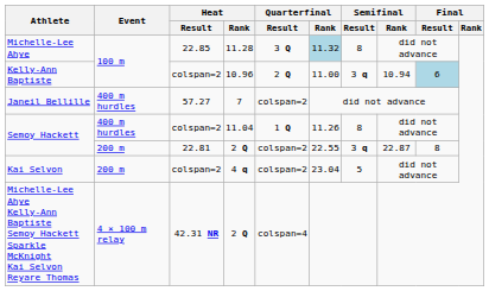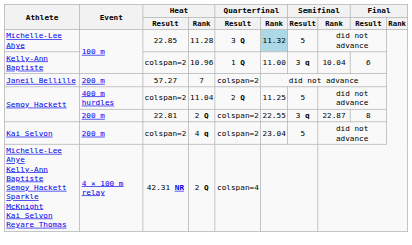 <table class="wikitable" style="font-size:90%">
 <tr>
 <th rowspan="2">Athlete</th>
 <th rowspan="2">Event</th>
 <th colspan="2">Heat</th>
 <th colspan="2">Quarterfinal</th>
 <th colspan="2">Semifinal</th>
 <th colspan="2">Final</th>
 </tr>
 <tr style="font-size:95%">
 <th>Result</th>
 <th>Rank</th>
 <th>Result</th>
 <th>Rank</th>
 <th>Result</th>
 <th>Rank</th>
 <th>Result</th>
 <th>Rank</th>
 </tr>
 <tr align=center>
 <td align=left><a href='#'>Michelle-Lee Ahye</a></td>
 <td align=left rowspan=2><a href='#'>100 m</a></td>
 <td>22.85</td>
 <td>11.28</td>
 <td>3 <strong>Q</strong></td>
 <td style="background: lightblue;">11.32</td>
-<td>8</td>
+<td>5</td>
 <td colspan=2>did not advance</td>
 </tr>
 <tr align=center>
 <td align=left><a href='#'>Kelly-Ann Baptiste</a></td>
 <td>colspan=2 </td>
 <td>10.96</td>
-<td>2 <strong>Q</strong></td>
+<td>1 <strong>Q</strong></td>
 <td>11.00</td>
 <td>3 <strong>q</strong></td>
-<td>10.94</td>
-<td style="background: lightblue;">6</td>
+<td>10.04</td>
+<td>6</td>
 </tr>
 <tr align=center>
 <td align=left><a href='#'>Janeil Bellille</a></td>
-<td align=left><a href='#'>400 m hurdles</a></td>
+<td align=left><a href='#'>200 m</a></td>
 <td>57.27</td>
 <td>7</td>
 <td>colspan=2 </td>
 <td colspan=4>did not advance</td>
 </tr>
 <tr align=center>
 <td align=left rowspan=2><a href='#'>Semoy Hackett</a></td>
 <td align=left><a href='#'>400 m hurdles</a></td>
 <td>colspan=2 </td>
 <td>11.04</td>
-<td>1 <strong>Q</strong></td>
-<td>11.26</td>
-<td>8</td>
+<td>2 <strong>Q</strong></td>
+<td>11.25</td>
+<td>5</td>
 <td colspan=2>did not advance</td>
 </tr>
 <tr align=center>
 <td align=left><a href='#'>200 m</a></td>
 <td>22.81</td>
 <td>2 <strong>Q</strong></td>
 <td>colspan=2 </td>
 <td>22.55</td>
 <td>3 <strong>q</strong></td>
 <td>22.87</td>
 <td>8</td>
 </tr>
 <tr align=center>
 <td align=left><a href='#'>Kai Selvon</a></td>
 <td align=left><a href='#'>200 m</a></td>
 <td>colspan=2 </td>
 <td>4 <strong>q</strong></td>
 <td>colspan=2 </td>
 <td>23.04</td>
 <td>5</td>
 <td colspan="2">did not advance</td>
 </tr>
 <tr align=center>
 <td align=left><a href='#'>Michelle-Lee Ahye</a><br><a href='#'>Kelly-Ann Baptiste</a><br><a href='#'>Semoy Hackett</a><br><a href='#'>Sparkle McKnight</a><br><a href='#'>Kai Selvon</a><br><a href='#'>Reyare Thomas</a></td>
 <td align=left><a href='#'>4 × 100 m relay</a></td>
 <td>42.31 <strong><a href='#'>NR</a></strong></td>
 <td>2 <strong>Q</strong></td>
 <td>colspan=4 </td>
 <td colspan=2></td>
 </tr>
 </table>
